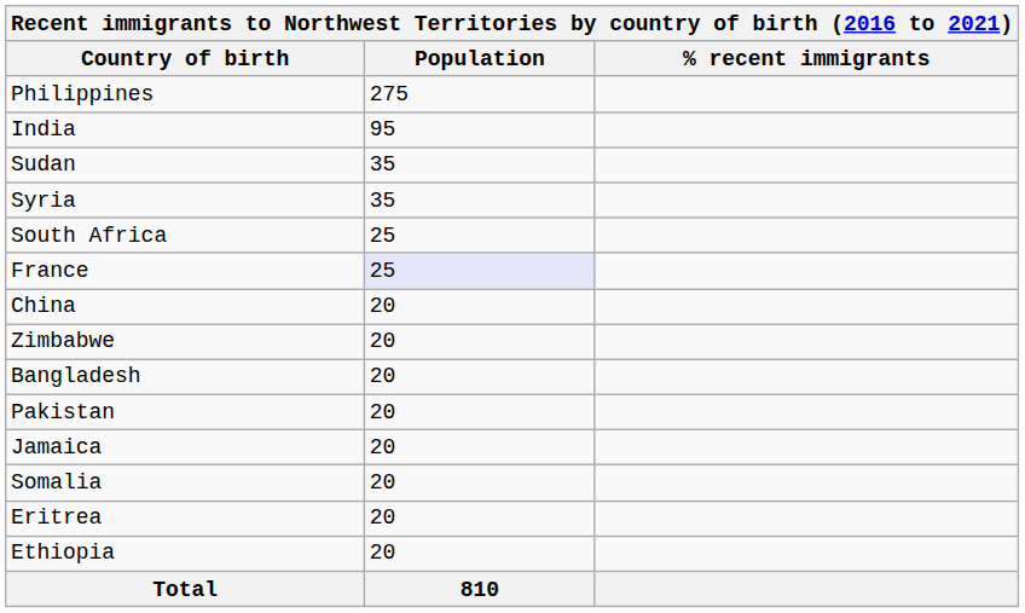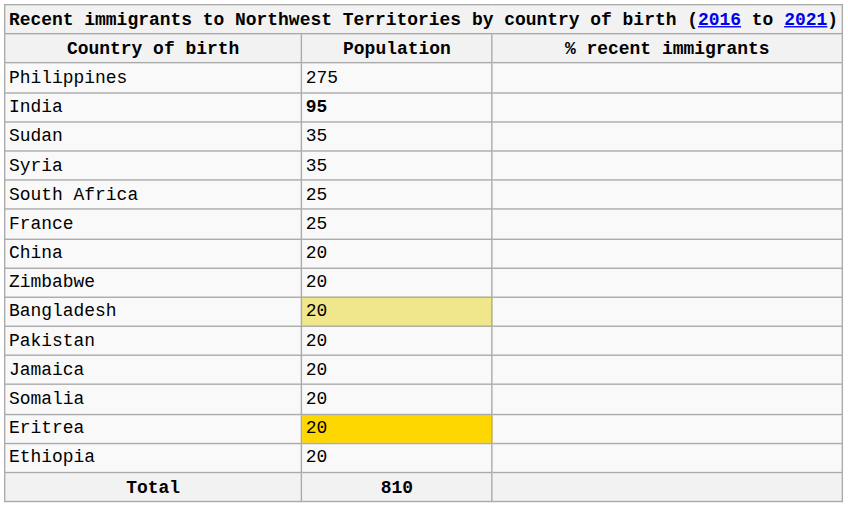 <table class="wikitable">
 <tr>
 <th colspan="3">Recent immigrants to Northwest Territories by country of birth (<a href='#'>2016</a> to <a href='#'>2021</a>)</th>
 </tr>
 <tr>
 <th>Country of birth</th>
 <th>Population</th>
 <th>% recent immigrants</th>
 </tr>
 <tr>
 <td>Philippines</td>
 <td>275</td>
 <td></td>
 </tr>
 <tr>
 <td>India</td>
-<td>95</td>
+<td><strong>95</strong></td>
 <td></td>
 </tr>
 <tr>
 <td>Sudan</td>
 <td>35</td>
 <td></td>
 </tr>
 <tr>
 <td>Syria</td>
 <td>35</td>
 <td></td>
 </tr>
 <tr>
 <td>South Africa</td>
 <td>25</td>
 <td></td>
 </tr>
 <tr>
 <td>France</td>
-<td style="background: lavender;">25</td>
+<td>25</td>
 <td></td>
 </tr>
 <tr>
 <td>China</td>
 <td>20</td>
 <td></td>
 </tr>
 <tr>
 <td>Zimbabwe</td>
 <td>20</td>
 <td></td>
 </tr>
 <tr>
 <td>Bangladesh</td>
-<td>20</td>
+<td style="background: khaki;">20</td>
 <td></td>
 </tr>
 <tr>
 <td>Pakistan</td>
 <td>20</td>
 <td></td>
 </tr>
 <tr>
 <td>Jamaica</td>
 <td>20</td>
 <td></td>
 </tr>
 <tr>
 <td>Somalia</td>
 <td>20</td>
 <td></td>
 </tr>
 <tr>
 <td>Eritrea</td>
-<td>20</td>
+<td style="background: gold;">20</td>
 <td></td>
 </tr>
 <tr>
 <td>Ethiopia</td>
 <td>20</td>
 <td></td>
 </tr>
 <tr>
 <th>Total</th>
 <th>810</th>
 <th></th>
 </tr>
 </table>
